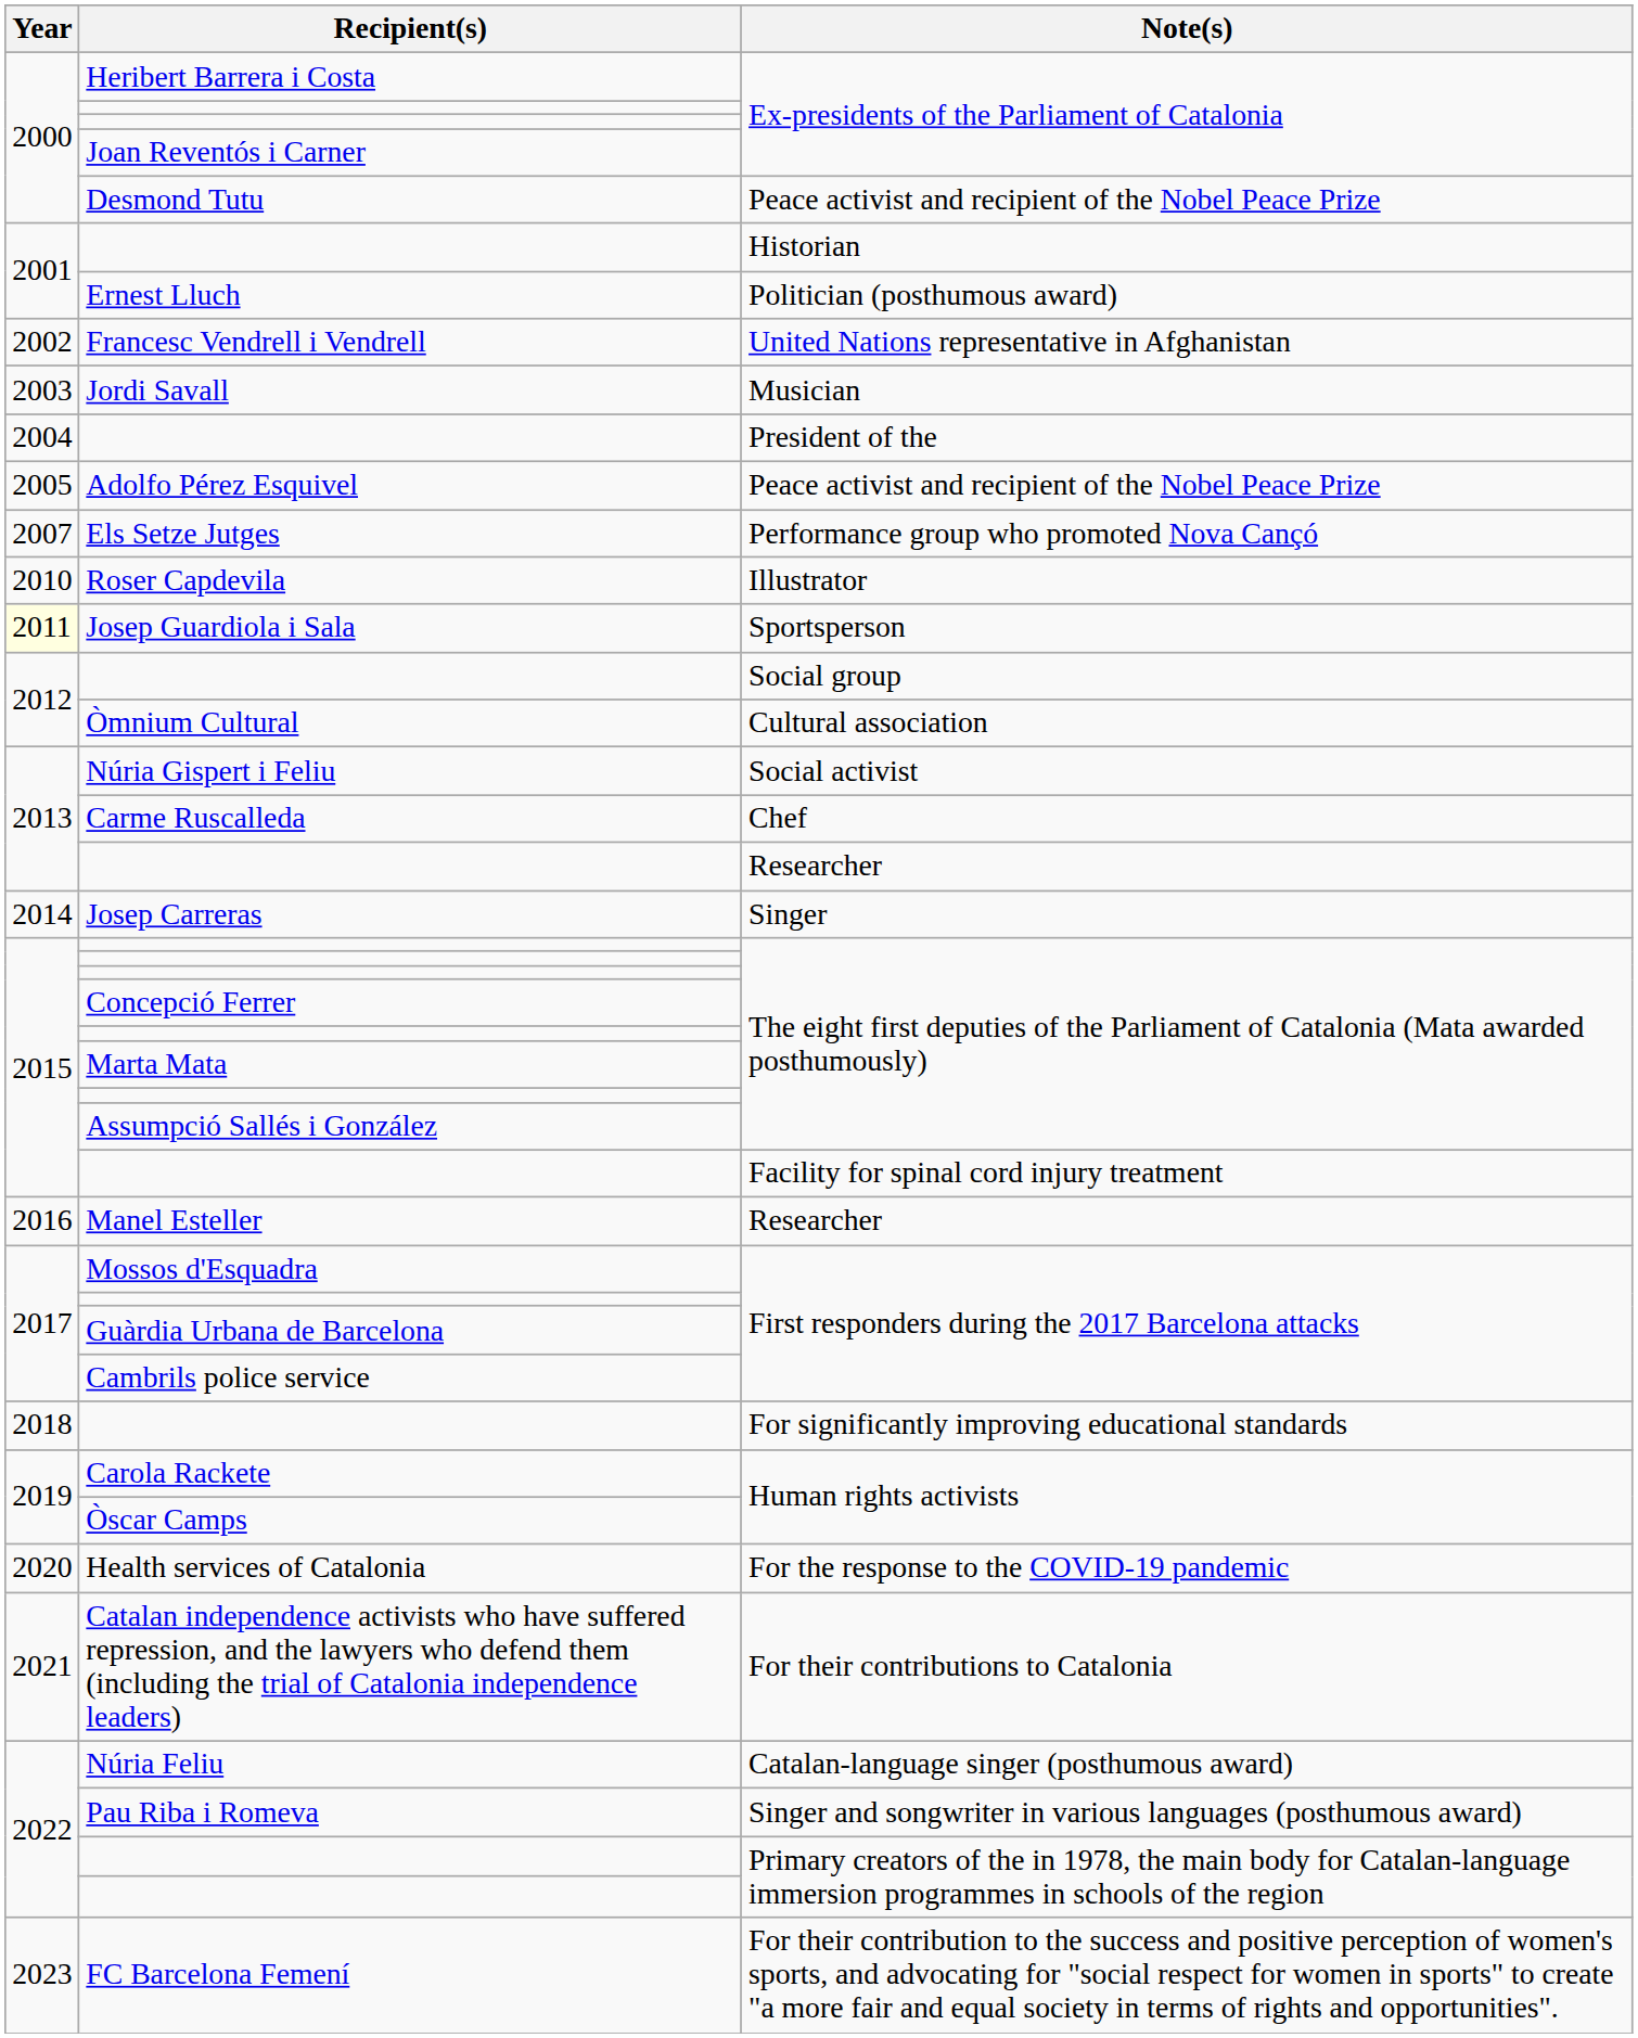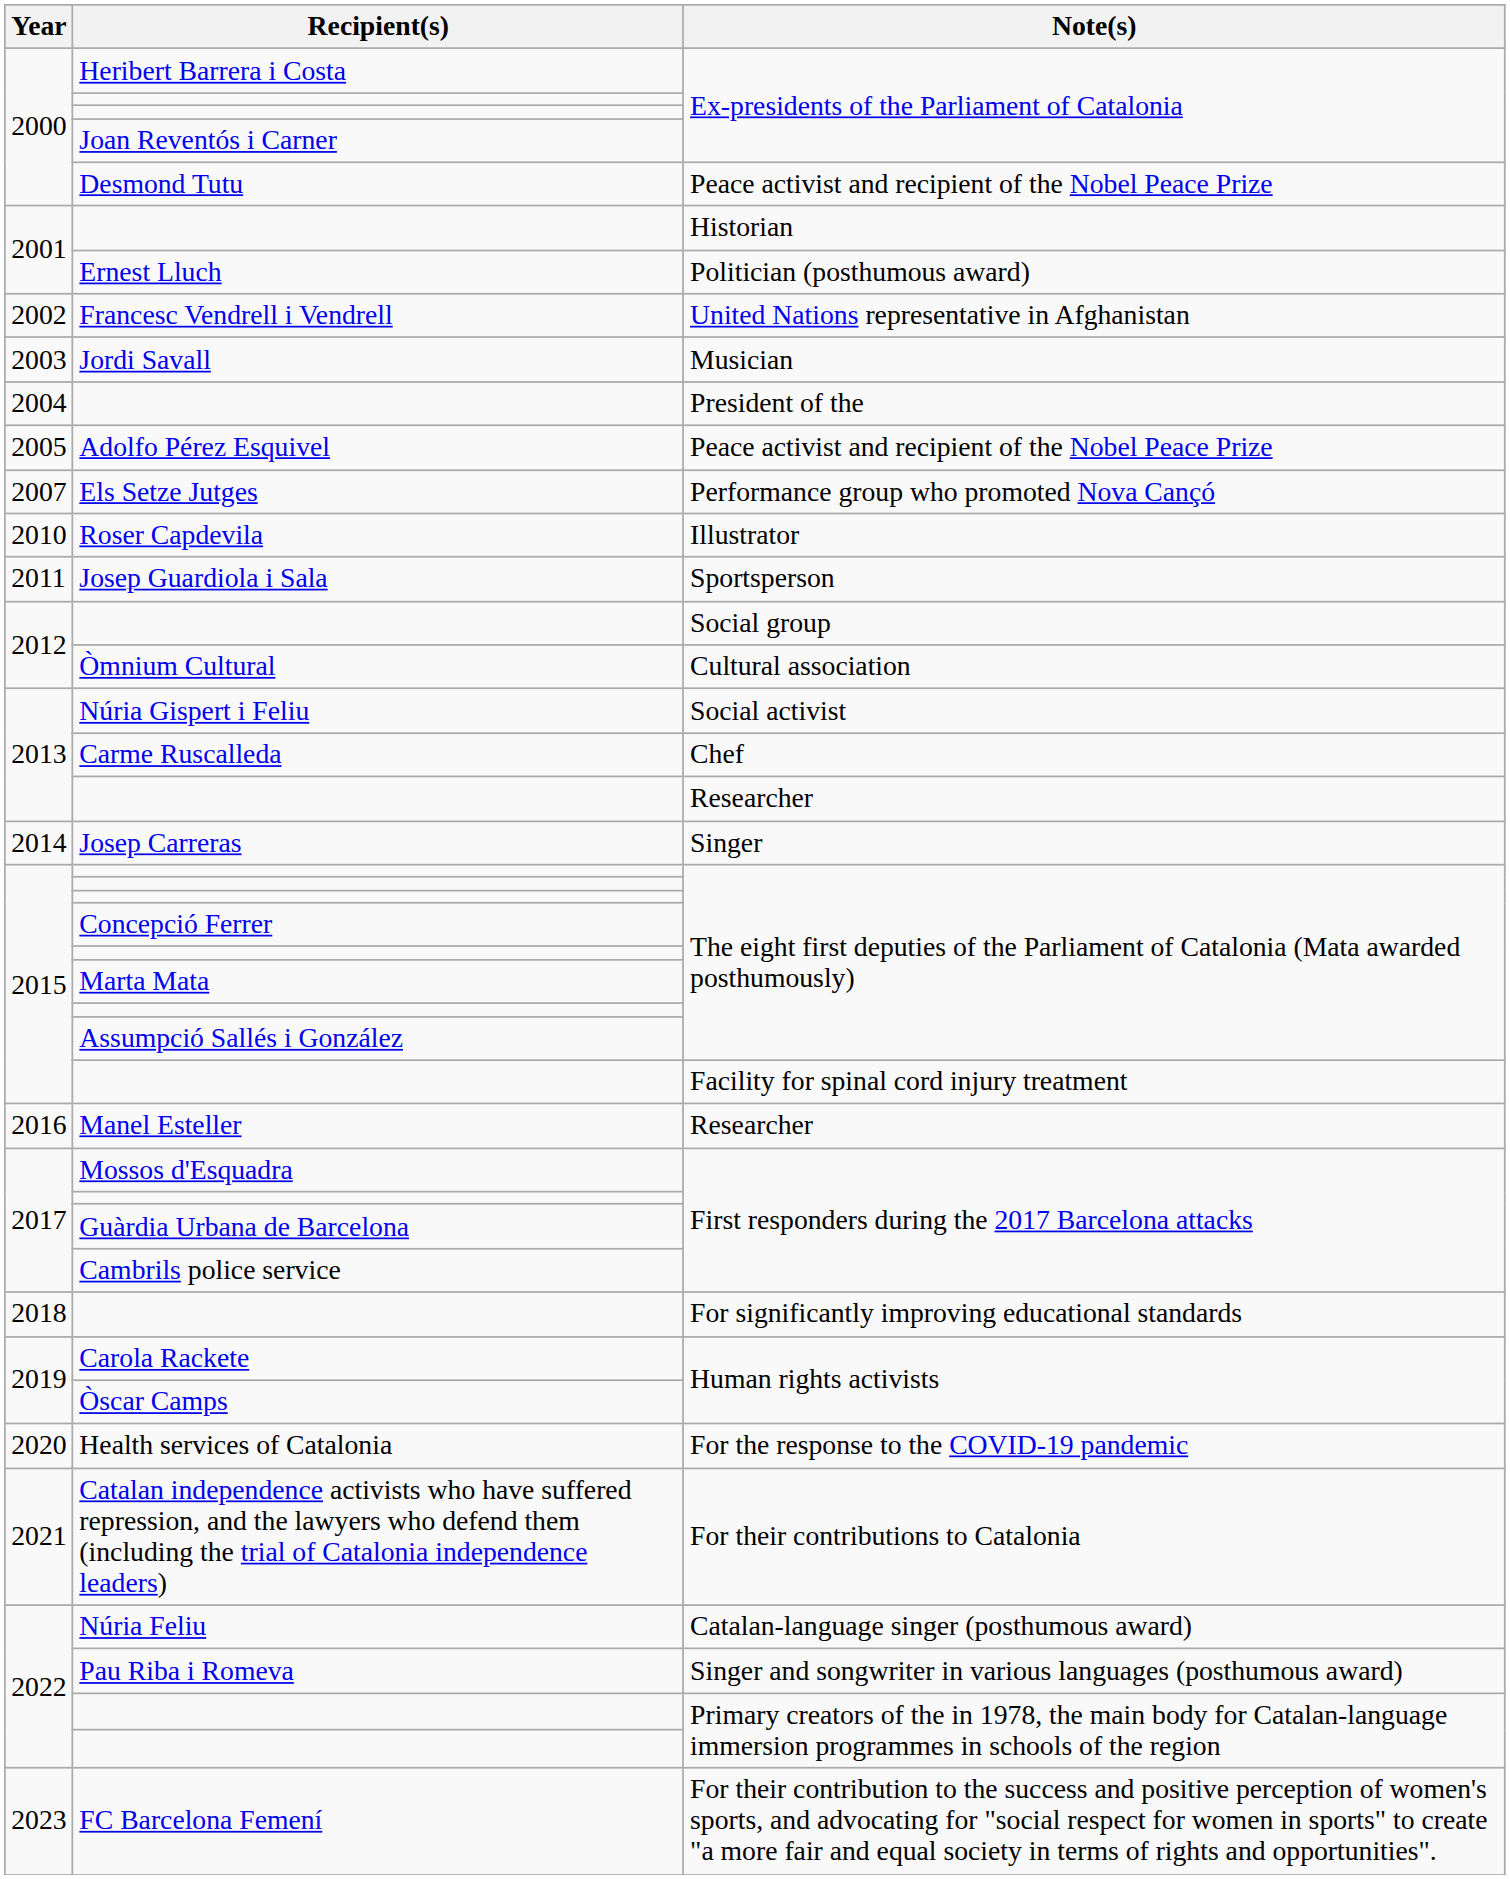 <table class="wikitable">
 <tr>
 <th>Year</th>
 <th>Recipient(s)</th>
 <th>Note(s)</th>
 </tr>
 <tr>
 <td rowspan="5" align="center">2000</td>
 <td align="left"><a href='#'>Heribert Barrera i Costa</a></td>
 <td rowspan="4"><a href='#'>Ex-presidents of the Parliament of Catalonia</a></td>
 </tr>
 <tr>
 <td></td>
 </tr>
 <tr>
 <td></td>
 </tr>
 <tr>
 <td><a href='#'>Joan Reventós i Carner</a></td>
 </tr>
 <tr>
 <td><a href='#'>Desmond Tutu</a></td>
 <td>Peace activist and recipient of the <a href='#'>Nobel Peace Prize</a></td>
 </tr>
 <tr>
 <td rowspan="2" align="center">2001</td>
 <td></td>
 <td>Historian</td>
 </tr>
 <tr>
 <td align="left"><a href='#'>Ernest Lluch</a></td>
 <td>Politician (posthumous award)</td>
 </tr>
 <tr>
 <td align="center">2002</td>
 <td><a href='#'>Francesc Vendrell i Vendrell</a></td>
 <td><a href='#'>United Nations</a> representative in Afghanistan</td>
 </tr>
 <tr>
 <td align="center">2003</td>
 <td><a href='#'>Jordi Savall</a></td>
 <td>Musician</td>
 </tr>
 <tr>
 <td align="center">2004</td>
 <td></td>
 <td>President of the </td>
 </tr>
 <tr>
 <td>2005</td>
 <td><a href='#'>Adolfo Pérez Esquivel</a></td>
 <td>Peace activist and recipient of the <a href='#'>Nobel Peace Prize</a></td>
 </tr>
 <tr>
 <td>2007</td>
 <td><a href='#'>Els Setze Jutges</a></td>
 <td>Performance group who promoted <a href='#'>Nova Cançó</a></td>
 </tr>
 <tr>
 <td>2010</td>
 <td><a href='#'>Roser Capdevila</a></td>
 <td>Illustrator</td>
 </tr>
 <tr>
-<td style="background: lightyellow;">2011</td>
+<td>2011</td>
 <td><a href='#'>Josep Guardiola i Sala</a></td>
 <td>Sportsperson</td>
 </tr>
 <tr>
 <td rowspan="2">2012</td>
 <td></td>
 <td>Social group</td>
 </tr>
 <tr>
 <td><a href='#'>Òmnium Cultural</a></td>
 <td>Cultural association</td>
 </tr>
 <tr>
 <td rowspan="3">2013</td>
 <td><a href='#'>Núria Gispert i Feliu</a></td>
 <td>Social activist</td>
 </tr>
 <tr>
 <td><a href='#'>Carme Ruscalleda</a></td>
 <td>Chef</td>
 </tr>
 <tr>
 <td></td>
 <td>Researcher</td>
 </tr>
 <tr>
 <td>2014</td>
 <td><a href='#'>Josep Carreras</a></td>
 <td>Singer</td>
 </tr>
 <tr>
 <td rowspan="9">2015</td>
 <td></td>
 <td rowspan="8">The eight first deputies of the Parliament of Catalonia (Mata awarded posthumously)</td>
 </tr>
 <tr>
 <td></td>
 </tr>
 <tr>
 <td></td>
 </tr>
 <tr>
 <td><a href='#'>Concepció Ferrer</a></td>
 </tr>
 <tr>
 <td></td>
 </tr>
 <tr>
 <td><a href='#'>Marta Mata</a></td>
 </tr>
 <tr>
 <td></td>
 </tr>
 <tr>
 <td><a href='#'>Assumpció Sallés i González</a></td>
 </tr>
 <tr>
 <td></td>
 <td>Facility for spinal cord injury treatment</td>
 </tr>
 <tr>
 <td>2016</td>
 <td><a href='#'>Manel Esteller</a></td>
 <td>Researcher</td>
 </tr>
 <tr>
 <td rowspan="4">2017</td>
 <td><a href='#'>Mossos d'Esquadra</a></td>
 <td rowspan="4">First responders during the <a href='#'>2017 Barcelona attacks</a></td>
 </tr>
 <tr>
 <td></td>
 </tr>
 <tr>
 <td><a href='#'>Guàrdia Urbana de Barcelona</a></td>
 </tr>
 <tr>
 <td><a href='#'>Cambrils</a> police service</td>
 </tr>
 <tr>
 <td>2018</td>
 <td></td>
 <td>For significantly improving educational standards</td>
 </tr>
 <tr>
 <td rowspan="2">2019</td>
 <td><a href='#'>Carola Rackete</a></td>
 <td rowspan="2">Human rights activists</td>
 </tr>
 <tr>
 <td><a href='#'>Òscar Camps</a></td>
 </tr>
 <tr>
 <td>2020</td>
 <td>Health services of Catalonia</td>
 <td>For the response to the <a href='#'>COVID-19 pandemic</a></td>
 </tr>
 <tr>
 <td>2021</td>
 <td><a href='#'>Catalan independence</a> activists who have suffered repression, and the lawyers who defend them (including the <a href='#'>trial of Catalonia independence leaders</a>)</td>
 <td>For their contributions to Catalonia</td>
 </tr>
 <tr>
 <td rowspan="4">2022</td>
 <td><a href='#'>Núria Feliu</a></td>
 <td>Catalan-language singer (posthumous award)</td>
 </tr>
 <tr>
 <td><a href='#'>Pau Riba i Romeva</a></td>
 <td>Singer and songwriter in various languages (posthumous award)</td>
 </tr>
 <tr>
 <td></td>
 <td rowspan="2">Primary creators of the  in 1978, the main body for Catalan-language immersion programmes in schools of the region</td>
 </tr>
 <tr>
 <td></td>
 </tr>
 <tr>
 <td>2023</td>
 <td><a href='#'>FC Barcelona Femení</a></td>
 <td>For their contribution to the success and positive perception of women's sports, and advocating for "social respect for women in sports" to create "a more fair and equal society in terms of rights and opportunities".</td>
 </tr>
 </table>
